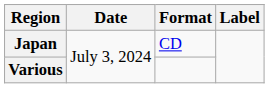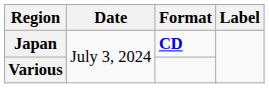 <table class="wikitable plainrowheaders">
 <tr>
 <th scope="col">Region</th>
 <th scope="col">Date</th>
 <th scope="col">Format</th>
 <th scope="col">Label</th>
 </tr>
 <tr>
 <th scope="row">Japan</th>
 <td rowspan="2">July 3, 2024</td>
-<td><a href='#'>CD</a></td>
+<td><strong><a href='#'>CD</a></strong></td>
 <td rowspan="2"></td>
 </tr>
 <tr>
 <th scope="row">Various </th>
 <td></td>
 </tr>
 </table>
